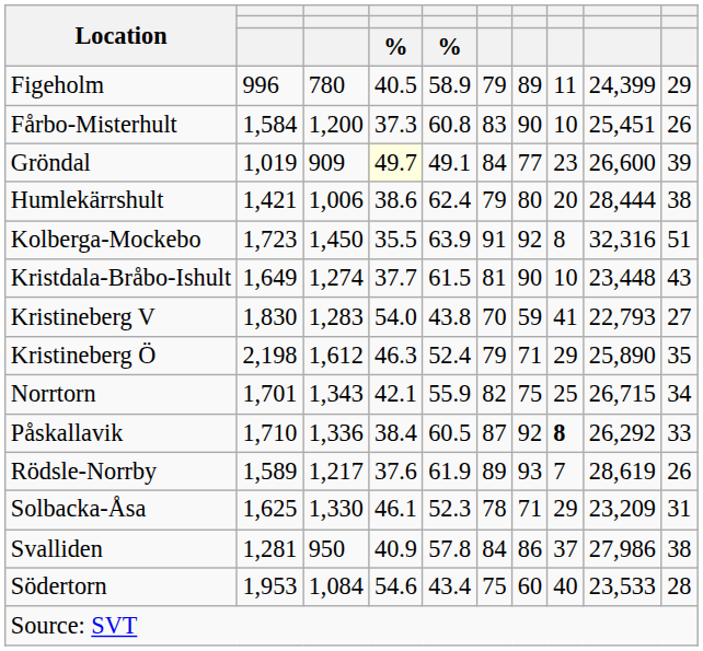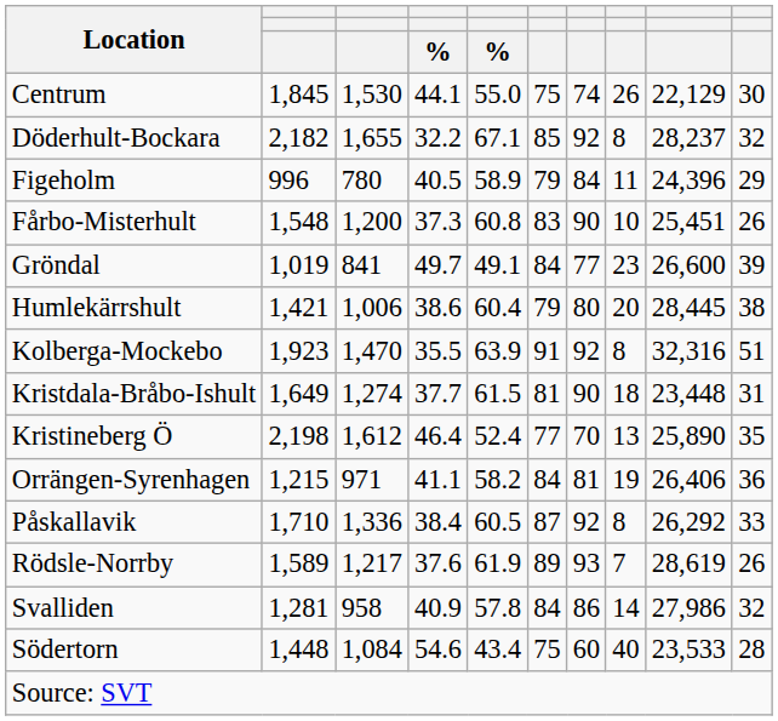 <table role="presentation" class="wikitable sortable mw-collapsible">
 <tr>
 <th rowspan="3">Location</th>
 <th></th>
 <th></th>
 <th></th>
 <th></th>
 <th></th>
 <th></th>
 <th></th>
 <th></th>
 <th></th>
 </tr>
 <tr>
 <th></th>
 <th></th>
 <th style="background:"></th>
 <th style="background:"></th>
 <th></th>
 <th></th>
 <th></th>
 <th></th>
 <th></th>
 </tr>
 <tr>
 <th data-sort-type="number"></th>
 <th data-sort-type="number"></th>
 <th data-sort-type="number">%</th>
 <th data-sort-type="number">%</th>
 <th data-sort-type="number"></th>
 <th data-sort-type="number"></th>
 <th data-sort-type="number"></th>
 <th data-sort-type="number"></th>
 <th data-sort-type="number"></th>
 </tr>
 <tr>
+<td align="left">Centrum</td>
+<td>1,845</td>
+<td>1,530</td>
+<td>44.1</td>
+<td>55.0</td>
+<td>75</td>
+<td>74</td>
+<td>26</td>
+<td>22,129</td>
+<td>30</td>
+</tr>
+<tr>
+<td align="left">Döderhult-Bockara</td>
+<td>2,182</td>
+<td>1,655</td>
+<td>32.2</td>
+<td>67.1</td>
+<td>85</td>
+<td>92</td>
+<td>8</td>
+<td>28,237</td>
+<td>32</td>
+</tr>
+<tr>
 <td align="left">Figeholm</td>
 <td>996</td>
 <td>780</td>
 <td>40.5</td>
 <td>58.9</td>
 <td>79</td>
-<td>89</td>
+<td>84</td>
 <td>11</td>
-<td>24,399</td>
+<td>24,396</td>
 <td>29</td>
 </tr>
 <tr>
 <td align="left">Fårbo-Misterhult</td>
-<td>1,584</td>
+<td>1,548</td>
 <td>1,200</td>
 <td>37.3</td>
 <td>60.8</td>
 <td>83</td>
 <td>90</td>
 <td>10</td>
 <td>25,451</td>
 <td>26</td>
 </tr>
 <tr>
 <td align="left">Gröndal</td>
 <td>1,019</td>
-<td>909</td>
-<td style="background: lightyellow;">49.7</td>
+<td>841</td>
+<td>49.7</td>
 <td>49.1</td>
 <td>84</td>
 <td>77</td>
 <td>23</td>
 <td>26,600</td>
 <td>39</td>
 </tr>
 <tr>
 <td align="left">Humlekärrshult</td>
 <td>1,421</td>
 <td>1,006</td>
 <td>38.6</td>
-<td>62.4</td>
+<td>60.4</td>
 <td>79</td>
 <td>80</td>
 <td>20</td>
-<td>28,444</td>
+<td>28,445</td>
 <td>38</td>
 </tr>
 <tr>
 <td align="left">Kolberga-Mockebo</td>
-<td>1,723</td>
-<td>1,450</td>
+<td>1,923</td>
+<td>1,470</td>
 <td>35.5</td>
 <td>63.9</td>
 <td>91</td>
 <td>92</td>
 <td>8</td>
 <td>32,316</td>
 <td>51</td>
 </tr>
 <tr>
 <td align="left">Kristdala-Bråbo-Ishult</td>
 <td>1,649</td>
 <td>1,274</td>
 <td>37.7</td>
 <td>61.5</td>
 <td>81</td>
 <td>90</td>
-<td>10</td>
+<td>18</td>
 <td>23,448</td>
-<td>43</td>
-</tr>
-<tr>
-<td align="left">Kristineberg V</td>
-<td>1,830</td>
-<td>1,283</td>
-<td>54.0</td>
-<td>43.8</td>
-<td>70</td>
-<td>59</td>
-<td>41</td>
-<td>22,793</td>
-<td>27</td>
+<td>31</td>
 </tr>
 <tr>
 <td align="left">Kristineberg Ö</td>
 <td>2,198</td>
 <td>1,612</td>
-<td>46.3</td>
+<td>46.4</td>
 <td>52.4</td>
-<td>79</td>
-<td>71</td>
-<td>29</td>
+<td>77</td>
+<td>70</td>
+<td>13</td>
 <td>25,890</td>
 <td>35</td>
 </tr>
 <tr>
-<td align="left">Norrtorn</td>
-<td>1,701</td>
-<td>1,343</td>
-<td>42.1</td>
-<td>55.9</td>
-<td>82</td>
-<td>75</td>
-<td>25</td>
-<td>26,715</td>
-<td>34</td>
+<td align="left">Orrängen-Syrenhagen</td>
+<td>1,215</td>
+<td>971</td>
+<td>41.1</td>
+<td>58.2</td>
+<td>84</td>
+<td>81</td>
+<td>19</td>
+<td>26,406</td>
+<td>36</td>
 </tr>
 <tr>
 <td align="left">Påskallavik</td>
 <td>1,710</td>
 <td>1,336</td>
 <td>38.4</td>
 <td>60.5</td>
 <td>87</td>
 <td>92</td>
-<td><strong>8</strong></td>
+<td>8</td>
 <td>26,292</td>
 <td>33</td>
 </tr>
 <tr>
 <td align="left">Rödsle-Norrby</td>
 <td>1,589</td>
 <td>1,217</td>
 <td>37.6</td>
 <td>61.9</td>
 <td>89</td>
 <td>93</td>
 <td>7</td>
 <td>28,619</td>
 <td>26</td>
 </tr>
 <tr>
-<td align="left">Solbacka-Åsa</td>
-<td>1,625</td>
-<td>1,330</td>
-<td>46.1</td>
-<td>52.3</td>
-<td>78</td>
-<td>71</td>
-<td>29</td>
-<td>23,209</td>
-<td>31</td>
-</tr>
-<tr>
 <td align="left">Svalliden</td>
 <td>1,281</td>
-<td>950</td>
+<td>958</td>
 <td>40.9</td>
 <td>57.8</td>
 <td>84</td>
 <td>86</td>
-<td>37</td>
+<td>14</td>
 <td>27,986</td>
-<td>38</td>
+<td>32</td>
 </tr>
 <tr>
 <td align="left">Södertorn</td>
-<td>1,953</td>
+<td>1,448</td>
 <td>1,084</td>
 <td>54.6</td>
 <td>43.4</td>
 <td>75</td>
 <td>60</td>
 <td>40</td>
 <td>23,533</td>
 <td>28</td>
 </tr>
 <tr>
 <td colspan="10" align="left">Source: <a href='#'>SVT</a></td>
 </tr>
 </table>
